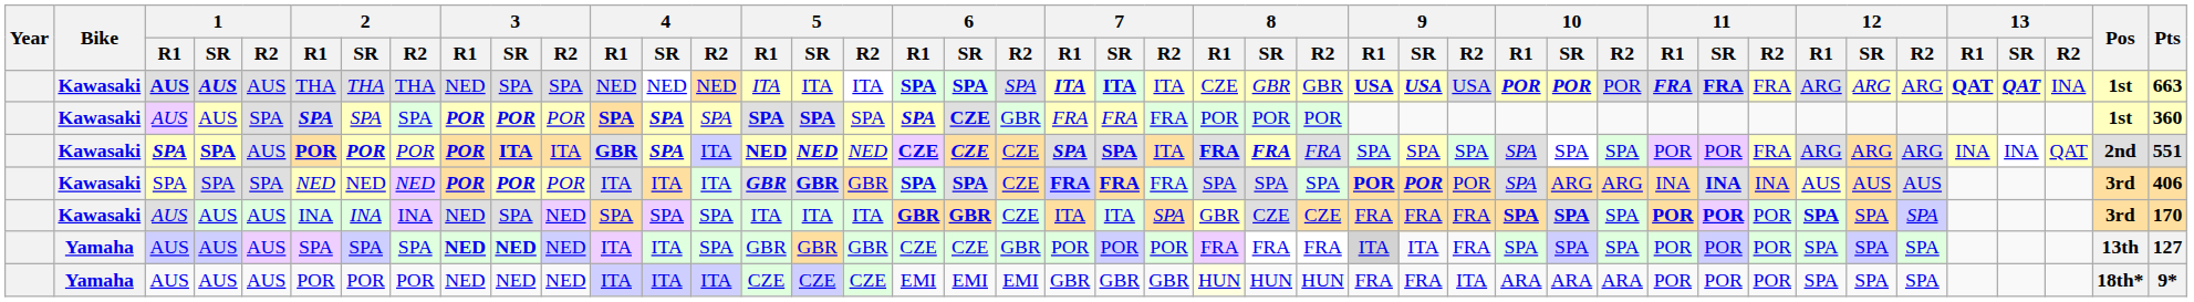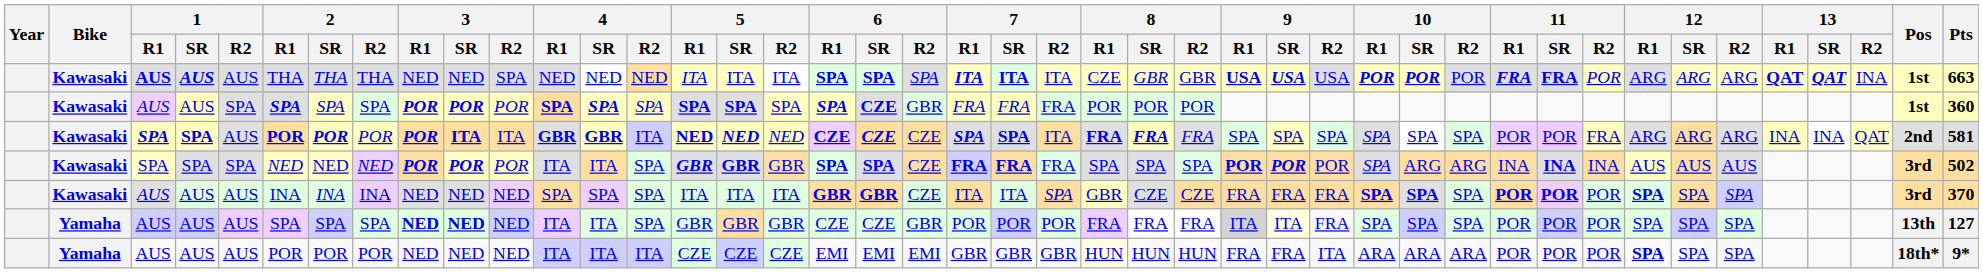 <table class="wikitable" style="text-align:center; font-size:90%;">
 <tr>
 <th rowspan=2>Year</th>
 <th rowspan=2>Bike</th>
 <th colspan=3>1</th>
 <th colspan=3>2</th>
 <th colspan=3>3</th>
 <th colspan=3>4</th>
 <th colspan=3>5</th>
 <th colspan=3>6</th>
 <th colspan=3>7</th>
 <th colspan=3>8</th>
 <th colspan=3>9</th>
 <th colspan=3>10</th>
 <th colspan=3>11</th>
 <th colspan=3>12</th>
 <th colspan=3>13</th>
 <th rowspan=2>Pos</th>
 <th rowspan=2>Pts</th>
 </tr>
 <tr>
 <th>R1</th>
 <th>SR</th>
 <th>R2</th>
 <th>R1</th>
 <th>SR</th>
 <th>R2</th>
 <th>R1</th>
 <th>SR</th>
 <th>R2</th>
 <th>R1</th>
 <th>SR</th>
 <th>R2</th>
 <th>R1</th>
 <th>SR</th>
 <th>R2</th>
 <th>R1</th>
 <th>SR</th>
 <th>R2</th>
 <th>R1</th>
 <th>SR</th>
 <th>R2</th>
 <th>R1</th>
 <th>SR</th>
 <th>R2</th>
 <th>R1</th>
 <th>SR</th>
 <th>R2</th>
 <th>R1</th>
 <th>SR</th>
 <th>R2</th>
 <th>R1</th>
 <th>SR</th>
 <th>R2</th>
 <th>R1</th>
 <th>SR</th>
 <th>R2</th>
 <th>R1</th>
 <th>SR</th>
 <th>R2</th>
 </tr>
 <tr>
 <th></th>
 <th><a href='#'>Kawasaki</a></th>
 <td style="background:#dfdfdf;"><strong><a href='#'>AUS</a></strong><br></td>
 <td style="background:#dfdfdf;"><strong><em><a href='#'>AUS</a></em></strong><br></td>
 <td style="background:#dfdfdf;"><a href='#'>AUS</a><br></td>
 <td style="background:#dfdfdf;"><a href='#'>THA</a><br></td>
 <td style="background:#dfdfdf;"><em><a href='#'>THA</a></em><br></td>
 <td style="background:#dfdfdf;"><a href='#'>THA</a><br></td>
 <td style="background:#dfdfdf;"><a href='#'>NED</a><br></td>
-<td style="background:#dfdfdf;"><a href='#'>SPA</a><br></td>
+<td style="background:#dfdfdf;"><a href='#'>NED</a><br></td>
 <td style="background:#dfdfdf;"><a href='#'>SPA</a><br></td>
 <td style="background:#dfdfdf;"><a href='#'>NED</a><br></td>
 <td style="background:#ffffff;"><a href='#'>NED</a><br></td>
 <td style="background:#ffdf9f;"><a href='#'>NED</a><br></td>
 <td style="background:#ffffbf;"><em><a href='#'>ITA</a></em><br></td>
 <td style="background:#ffffbf;"><a href='#'>ITA</a><br></td>
 <td style="background:#ffffff;"><a href='#'>ITA</a><br></td>
 <td style="background:#dfffdf;"><strong><a href='#'>SPA</a></strong><br></td>
 <td style="background:#dfffdf;"><strong><a href='#'>SPA</a></strong><br></td>
 <td style="background:#dfdfdf;"><em><a href='#'>SPA</a></em><br></td>
 <td style="background:#ffffbf;"><strong><em><a href='#'>ITA</a></em></strong><br></td>
 <td style="background:#dfffdf;"><strong><a href='#'>ITA</a></strong><br></td>
 <td style="background:#ffffbf;"><a href='#'>ITA</a><br></td>
 <td style="background:#ffffbf;"><a href='#'>CZE</a><br></td>
 <td style="background:#ffffbf;"><em><a href='#'>GBR</a></em><br></td>
 <td style="background:#ffffbf;"><a href='#'>GBR</a><br></td>
 <td style="background:#ffffbf;"><strong><a href='#'>USA</a></strong><br></td>
 <td style="background:#ffffbf;"><strong><em><a href='#'>USA</a></em></strong><br></td>
 <td style="background:#dfdfdf;"><a href='#'>USA</a><br></td>
 <td style="background:#ffffbf;"><strong><em><a href='#'>POR</a></em></strong><br></td>
 <td style="background:#ffffbf;"><strong><em><a href='#'>POR</a></em></strong><br></td>
 <td style="background:#dfdfdf;"><a href='#'>POR</a><br></td>
 <td style="background:#dfdfdf;"><strong><em><a href='#'>FRA</a></em></strong><br></td>
 <td style="background:#dfdfdf;"><strong><a href='#'>FRA</a></strong><br></td>
-<td style="background:#ffffbf;"><a href='#'>FRA</a><br></td>
+<td style="background:#ffffbf;"><em><a href='#'>POR</a></em><br></td>
 <td style="background:#dfdfdf;"><a href='#'>ARG</a><br></td>
 <td style="background:#ffffbf;"><em><a href='#'>ARG</a></em><br></td>
 <td style="background:#ffffbf;"><a href='#'>ARG</a><br></td>
 <td style="background:#ffffbf;"><strong><a href='#'>QAT</a></strong><br></td>
 <td style="background:#ffffbf;"><strong><em><a href='#'>QAT</a></em></strong><br></td>
 <td style="background:#ffffbf;"><a href='#'>INA</a><br></td>
 <th style="background:#ffffbf;">1st</th>
 <th style="background:#ffffbf;">663</th>
 </tr>
 <tr>
 <th></th>
 <th><a href='#'>Kawasaki</a></th>
 <td style="background:#efcfff;"><em><a href='#'>AUS</a></em><br></td>
 <td style="background:#ffffbf;"><a href='#'>AUS</a><br></td>
 <td style="background:#dfdfdf;"><a href='#'>SPA</a><br></td>
 <td style="background:#dfdfdf;"><strong><em><a href='#'>SPA</a></em><br></strong></td>
 <td style="background:#ffffbf;"><em><a href='#'>SPA</a></em><br></td>
 <td style="background:#dfffdf;"><a href='#'>SPA</a><br></td>
 <td style="background:#ffffbf;"><strong><em><a href='#'>POR</a></em></strong><br></td>
 <td style="background:#ffffbf;"><strong><em><a href='#'>POR</a></em></strong><br></td>
 <td style="background:#ffffbf;"><em><a href='#'>POR</a></em><br></td>
 <td style="background:#ffdf9f;"><strong><a href='#'>SPA</a></strong><br></td>
 <td style="background:#ffffbf;"><strong><em><a href='#'>SPA</a></em></strong><br></td>
 <td style="background:#ffffbf;"><em><a href='#'>SPA</a></em><br></td>
 <td style="background:#dfdfdf;"><strong><a href='#'>SPA</a></strong><br></td>
 <td style="background:#dfdfdf;"><strong><a href='#'>SPA</a></strong><br></td>
 <td style="background:#ffffbf;"><a href='#'>SPA</a><br></td>
 <td style="background:#ffffbf;"><strong><em><a href='#'>SPA</a></em></strong><br></td>
 <td style="background:#dfdfdf;"><strong><a href='#'>CZE</a></strong><br></td>
 <td style="background:#dfffdf;"><a href='#'>GBR</a><br></td>
 <td style="background:#ffffbf;"><em><a href='#'>FRA</a></em><br></td>
 <td style="background:#ffffbf;"><em><a href='#'>FRA</a></em><br></td>
 <td style="background:#dfffdf;"><a href='#'>FRA</a><br></td>
 <td style="background:#dfffdf;"><a href='#'>POR</a><br></td>
 <td style="background:#dfffdf;"><a href='#'>POR</a><br></td>
 <td style="background:#dfffdf;"><a href='#'>POR</a><br></td>
 <td></td>
 <td></td>
 <td></td>
 <td></td>
 <td></td>
 <td></td>
 <td></td>
 <td></td>
 <td></td>
 <td></td>
 <td></td>
 <td></td>
 <td></td>
 <td></td>
 <td></td>
 <th style="background:#ffffbf;">1st</th>
 <th style="background:#ffffbf;">360</th>
 </tr>
 <tr>
 <th></th>
 <th><a href='#'>Kawasaki</a></th>
 <td style="background:#ffffbf;"><strong><em><a href='#'>SPA</a></em></strong><br></td>
 <td style="background:#ffffbf;"><strong><a href='#'>SPA</a></strong><br></td>
 <td style="background:#dfdfdf;"><a href='#'>AUS</a><br></td>
 <td style="background:#ffdf9f;"><strong><a href='#'>POR</a></strong><br></td>
 <td style="background:#ffffbf;"><strong><em><a href='#'>POR</a></em></strong><br></td>
 <td style="background:#ffffbf;"><em><a href='#'>POR</a></em><br></td>
 <td style="background:#ffdf9f;"><strong><em><a href='#'>POR</a></em></strong><br></td>
 <td style="background:#ffdf9f;"><strong><a href='#'>ITA</a></strong><br></td>
 <td style="background:#ffdf9f;"><a href='#'>ITA</a><br></td>
 <td style="background:#dfdfdf;"><strong><a href='#'>GBR</a></strong><br></td>
-<td style="background:#ffffbf;"><strong><em><a href='#'>SPA</a></em></strong><br></td>
+<td style="background:#ffffbf;"><strong><a href='#'>GBR</a></strong><br></td>
 <td style="background:#CFCFFF;"><a href='#'>ITA</a><br></td>
 <td style="background:#ffffbf;"><strong><a href='#'>NED</a></strong><br></td>
 <td style="background:#ffffbf;"><strong><em><a href='#'>NED</a></em></strong><br></td>
 <td style="background:#ffffbf;"><em><a href='#'>NED</a></em><br></td>
 <td style="background:#efcfff;"><strong><a href='#'>CZE</a></strong><br></td>
 <td style="background:#ffdf9f;"><strong><em><a href='#'>CZE</a></em></strong><br></td>
 <td style="background:#ffdf9f;"><a href='#'>CZE</a><br></td>
 <td style="background:#dfdfdf;"><strong><em><a href='#'>SPA</a></em></strong><br></td>
 <td style="background:#dfdfdf;"><strong><a href='#'>SPA</a></strong><br></td>
 <td style="background:#ffdf9f;"><a href='#'>ITA</a><br></td>
 <td style="background:#dfdfdf;"><strong><a href='#'>FRA</a></strong><br></td>
 <td style="background:#ffffbf;"><strong><em><a href='#'>FRA</a></em></strong><br></td>
 <td style="background:#dfdfdf;"><em><a href='#'>FRA</a></em><br></td>
 <td style="background:#dfffdf;"><a href='#'>SPA</a><br></td>
 <td style="background:#ffffbf;"><a href='#'>SPA</a><br></td>
 <td style="background:#dfffdf;"><a href='#'>SPA</a><br></td>
 <td style="background:#dfdfdf;"><em><a href='#'>SPA</a></em><br></td>
 <td style="background:#ffffff;"><a href='#'>SPA</a><br></td>
 <td style="background:#dfffdf;"><a href='#'>SPA</a><br></td>
 <td style="background:#efcfff;"><a href='#'>POR</a><br></td>
 <td style="background:#efccff;"><a href='#'>POR</a><br></td>
 <td style="background:#ffffbf;"><a href='#'>FRA</a><br></td>
 <td style="background:#dfdfdf;"><a href='#'>ARG</a><br></td>
 <td style="background:#ffdf9f;"><a href='#'>ARG</a><br></td>
 <td style="background:#dfdfdf;"><a href='#'>ARG</a><br></td>
 <td style="background:#ffffbf;"><a href='#'>INA</a><br></td>
 <td style="background:#ffffff;"><a href='#'>INA</a><br></td>
 <td style="background:#ffffbf;"><a href='#'>QAT</a><br></td>
 <th style="background:#dfdfdf;">2nd</th>
-<th style="background:#dfdfdf;">551</th>
+<th style="background:#dfdfdf;">581</th>
 </tr>
 <tr>
 <th></th>
 <th><a href='#'>Kawasaki</a></th>
 <td style="background:#ffffbf;"><a href='#'>SPA</a><br></td>
 <td style="background:#dfdfdf;"><a href='#'>SPA</a><br></td>
 <td style="background:#dfdfdf;"><a href='#'>SPA</a><br></td>
 <td style="background:#ffffbf;"><em><a href='#'>NED</a></em><br></td>
 <td style="background:#ffffbf;"><a href='#'>NED</a><br></td>
 <td style="background:#efcfff;"><em><a href='#'>NED</a></em><br></td>
 <td style="background:#ffdf9f;"><strong><em><a href='#'>POR</a></em></strong><br></td>
 <td style="background:#ffffbf;"><strong><em><a href='#'>POR</a></em></strong><br></td>
 <td style="background:#ffffbf;"><em><a href='#'>POR</a></em><br></td>
 <td style="background:#dfdfdf;"><a href='#'>ITA</a><br></td>
 <td style="background:#ffdf9f;"><a href='#'>ITA</a><br></td>
-<td style="background:#dfffdf;"><a href='#'>ITA</a><br></td>
+<td style="background:#dfffdf;"><a href='#'>SPA</a><br></td>
 <td style="background:#dfdfdf;"><strong><em><a href='#'>GBR</a></em></strong><br></td>
 <td style="background:#dfdfdf;"><strong><a href='#'>GBR</a></strong><br></td>
 <td style="background:#ffdf9f;"><a href='#'>GBR</a><br></td>
 <td style="background:#dfffdf;"><strong><a href='#'>SPA</a></strong><br></td>
 <td style="background:#dfdfdf;"><strong><a href='#'>SPA</a></strong><br></td>
 <td style="background:#ffdf9f;"><a href='#'>CZE</a><br></td>
 <td style="background:#cfcfff;"><strong><a href='#'>FRA</a></strong><br></td>
 <td style="background:#ffdf9f;"><strong><a href='#'>FRA</a></strong><br></td>
 <td style="background:#dfffdf;"><a href='#'>FRA</a><br></td>
 <td style="background:#dfdfdf;"><a href='#'>SPA</a><br></td>
 <td style="background:#dfdfdf;"><a href='#'>SPA</a><br></td>
 <td style="background:#dfffdf;"><a href='#'>SPA</a><br></td>
 <td style="background:#ffdf9f;"><strong><a href='#'>POR</a></strong><br></td>
 <td style="background:#ffdf9f;"><strong><em><a href='#'>POR</a></em></strong><br></td>
 <td style="background:#ffdf9f;"><a href='#'>POR</a><br></td>
 <td style="background:#dfdfdf;"><em><a href='#'>SPA</a></em><br></td>
 <td style="background:#ffdf9f;"><a href='#'>ARG</a><br></td>
 <td style="background:#ffdf9f;"><a href='#'>ARG</a><br></td>
 <td style="background:#ffdf9f;"><a href='#'>INA</a><br></td>
 <td style="background:#dfdfdf;"><strong><a href='#'>INA</a><br></strong></td>
 <td style="background:#ffdf9f;"><a href='#'>INA</a><br></td>
 <td style="background:#ffffbf;"><a href='#'>AUS</a><br></td>
 <td style="background:#ffdf9f;"><a href='#'>AUS</a><br></td>
 <td style="background:#dfdfdf;"><a href='#'>AUS</a><br></td>
 <td></td>
 <td></td>
 <td></td>
 <th style="background:#ffdf9f;">3rd</th>
-<th style="background:#ffdf9f;">406</th>
+<th style="background:#ffdf9f;">502</th>
 </tr>
 <tr>
 <th></th>
 <th><a href='#'>Kawasaki</a></th>
 <td style="background:#dfdfdf;"><em><a href='#'>AUS</a></em><br></td>
 <td style="background:#dfffdf;"><a href='#'>AUS</a><br></td>
 <td style="background:#dfffdf;"><a href='#'>AUS</a><br></td>
 <td style="background:#dfffdf;"><a href='#'>INA</a><br></td>
 <td style="background:#dfffdf;"><em><a href='#'>INA</a></em><br></td>
 <td style="background:#efcfff;"><a href='#'>INA</a><br></td>
 <td style="background:#dfdfdf;"><a href='#'>NED</a><br></td>
-<td style="background:#dfdfdf;"><a href='#'>SPA</a><br></td>
+<td style="background:#dfdfdf;"><a href='#'>NED</a><br></td>
 <td style="background:#efcfff;"><a href='#'>NED</a><br></td>
 <td style="background:#ffdf9f;"><a href='#'>SPA</a><br></td>
 <td style="background:#efcfff;"><a href='#'>SPA</a><br></td>
 <td style="background:#dfffdf;"><a href='#'>SPA</a><br></td>
 <td style="background:#dfffdf;"><a href='#'>ITA</a><br></td>
 <td style="background:#dfffdf;"><a href='#'>ITA</a><br></td>
 <td style="background:#dfffdf;"><a href='#'>ITA</a><br></td>
 <td style="background:#ffdf9f;"><strong><a href='#'>GBR</a></strong><br></td>
 <td style="background:#ffdf9f;"><strong><a href='#'>GBR</a></strong><br></td>
 <td style="background:#DFFFDF;"><a href='#'>CZE</a><br></td>
 <td style="background:#ffdf9f;"><a href='#'>ITA</a><br></td>
 <td style="background:#dfffdf;"><a href='#'>ITA</a><br></td>
 <td style="background:#ffdf9f;"><em><a href='#'>SPA</a></em><br></td>
 <td style="background:#ffffbf;"><a href='#'>GBR</a><br></td>
 <td style="background:#dfdfdf;"><a href='#'>CZE</a><br></td>
 <td style="background:#ffdf9f;"><a href='#'>CZE</a><br></td>
 <td style="background:#ffdf9f;"><a href='#'>FRA</a><br></td>
 <td style="background:#ffdf9f;"><a href='#'>FRA</a><br></td>
 <td style="background:#ffdf9f;"><a href='#'>FRA</a><br></td>
 <td style="background:#ffdf9f;"><strong><a href='#'>SPA</a></strong><br></td>
 <td style="background:#dfdfdf;"><strong><a href='#'>SPA</a></strong><br></td>
 <td style="background:#dfffdf;"><a href='#'>SPA</a><br></td>
 <td style="background:#ffdf9f;"><strong><a href='#'>POR</a></strong><br></td>
 <td style="background:#efcfff;"><strong><a href='#'>POR</a></strong><br></td>
 <td style="background:#dfffdf;"><a href='#'>POR</a><br></td>
 <td style="background:#dfffdf;"><strong><a href='#'>SPA</a><br></strong></td>
 <td style="background:#ffdf9f;"><a href='#'>SPA</a><br></td>
 <td style="background:#cfcfff;"><em><a href='#'>SPA</a></em><br></td>
 <td></td>
 <td></td>
 <td></td>
 <th style="background:#ffdf9f;">3rd</th>
-<th style="background:#ffdf9f;">170</th>
+<th style="background:#ffdf9f;">370</th>
 </tr>
 <tr>
 <th></th>
 <th><a href='#'>Yamaha</a></th>
 <td style="background:#CFCFFF;"><a href='#'>AUS</a><br></td>
 <td style="background:#CFCFFF;"><a href='#'>AUS</a><br></td>
 <td style="background:#EFCFFF;"><a href='#'>AUS</a><br></td>
 <td style="background:#EFCFFF;"><a href='#'>SPA</a><br></td>
 <td style="background:#CFCFFF;"><a href='#'>SPA</a><br></td>
 <td style="background:#DFFFDF;"><a href='#'>SPA</a><br></td>
 <td style="background:#DFFFDF;"><strong><a href='#'>NED</a></strong><br></td>
 <td style="background:#DFFFDF;"><strong><a href='#'>NED</a></strong><br></td>
 <td style="background:#CFCFFF;"><a href='#'>NED</a><br></td>
 <td style="background:#EFCFFF;"><a href='#'>ITA</a><br></td>
 <td style="background:#DFFFDF;"><a href='#'>ITA</a><br></td>
 <td style="background:#dfffdf;"><a href='#'>SPA</a><br></td>
 <td style="background:#DFFFDF;"><a href='#'>GBR</a><br></td>
 <td style="background:#FFDF9F;"><a href='#'>GBR</a><br></td>
 <td style="background:#DFFFDF;"><a href='#'>GBR</a><br></td>
 <td style="background:#DFFFDF;"><a href='#'>CZE</a><br></td>
 <td style="background:#DFFFDF;"><a href='#'>CZE</a><br></td>
 <td style="background:#dfffdf;"><a href='#'>GBR</a><br></td>
 <td style="background:#DFFFDF;"><a href='#'>POR</a><br></td>
 <td style="background:#CFCFFF;"><a href='#'>POR</a><br></td>
 <td style="background:#DFFFDF;"><a href='#'>POR</a><br></td>
 <td style="background:#EFCFFF;"><a href='#'>FRA</a><br></td>
 <td style="background:#FFFFFF;"><a href='#'>FRA</a><br></td>
 <td style="background:#FFFFFF;"><a href='#'>FRA</a><br></td>
 <td style="background: lightgrey;"><a href='#'>ITA</a></td>
-<td><a href='#'>ITA</a></td>
+<td style="background: lightyellow;"><a href='#'>ITA</a></td>
 <td><a href='#'>FRA</a></td>
 <td style="background:#DFFFDF;"><a href='#'>SPA</a><br></td>
 <td style="background:#CFCFFF;"><a href='#'>SPA</a><br></td>
 <td style="background:#DFFFDF;"><a href='#'>SPA</a><br></td>
 <td style="background:#DFFFDF;"><a href='#'>POR</a><br></td>
 <td style="background:#CFCFFF;"><a href='#'>POR</a><br></td>
 <td style="background:#DFFFDF;"><a href='#'>POR</a><br></td>
 <td style="background:#DFFFDF;"><a href='#'>SPA</a><br></td>
 <td style="background:#CFCFFF;"><a href='#'>SPA</a><br></td>
 <td style="background:#DFFFDF;"><a href='#'>SPA</a><br></td>
 <td></td>
 <td></td>
 <td></td>
 <th>13th</th>
 <th>127</th>
 </tr>
 <tr>
 <th></th>
 <th><a href='#'>Yamaha</a></th>
 <td><a href='#'>AUS</a></td>
 <td><a href='#'>AUS</a></td>
 <td><a href='#'>AUS</a></td>
 <td><a href='#'>POR</a></td>
 <td><a href='#'>POR</a></td>
 <td><a href='#'>POR</a></td>
 <td><a href='#'>NED</a></td>
 <td><a href='#'>NED</a></td>
 <td><a href='#'>NED</a></td>
 <td style="background:#CFCFFF;"><a href='#'>ITA</a><br></td>
 <td style="background:#CFCFFF;"><a href='#'>ITA</a><br></td>
 <td style="background:#CFCFFF;"><a href='#'>ITA</a><br></td>
 <td style="background:#DFFFDF;"><a href='#'>CZE</a><br></td>
 <td style="background:#CFCFFF;"><a href='#'>CZE</a><br></td>
 <td style="background:#DFFFDF;"><a href='#'>CZE</a><br></td>
 <td><a href='#'>EMI</a></td>
 <td><a href='#'>EMI</a></td>
 <td><a href='#'>EMI</a></td>
 <td><a href='#'>GBR</a></td>
 <td><a href='#'>GBR</a></td>
 <td><a href='#'>GBR</a></td>
 <td style="background: lightyellow;"><a href='#'>HUN</a></td>
 <td><a href='#'>HUN</a></td>
 <td><a href='#'>HUN</a></td>
 <td><a href='#'>FRA</a></td>
 <td><a href='#'>FRA</a></td>
 <td><a href='#'>ITA</a></td>
 <td><a href='#'>ARA</a></td>
 <td><a href='#'>ARA</a></td>
 <td><a href='#'>ARA</a></td>
 <td><a href='#'>POR</a></td>
 <td><a href='#'>POR</a></td>
 <td><a href='#'>POR</a></td>
-<td><a href='#'>SPA</a></td>
+<td><strong><a href='#'>SPA</a></strong></td>
 <td><a href='#'>SPA</a></td>
 <td><a href='#'>SPA</a></td>
 <td></td>
 <td></td>
 <td></td>
 <th>18th*</th>
 <th>9*</th>
 </tr>
 </table>
